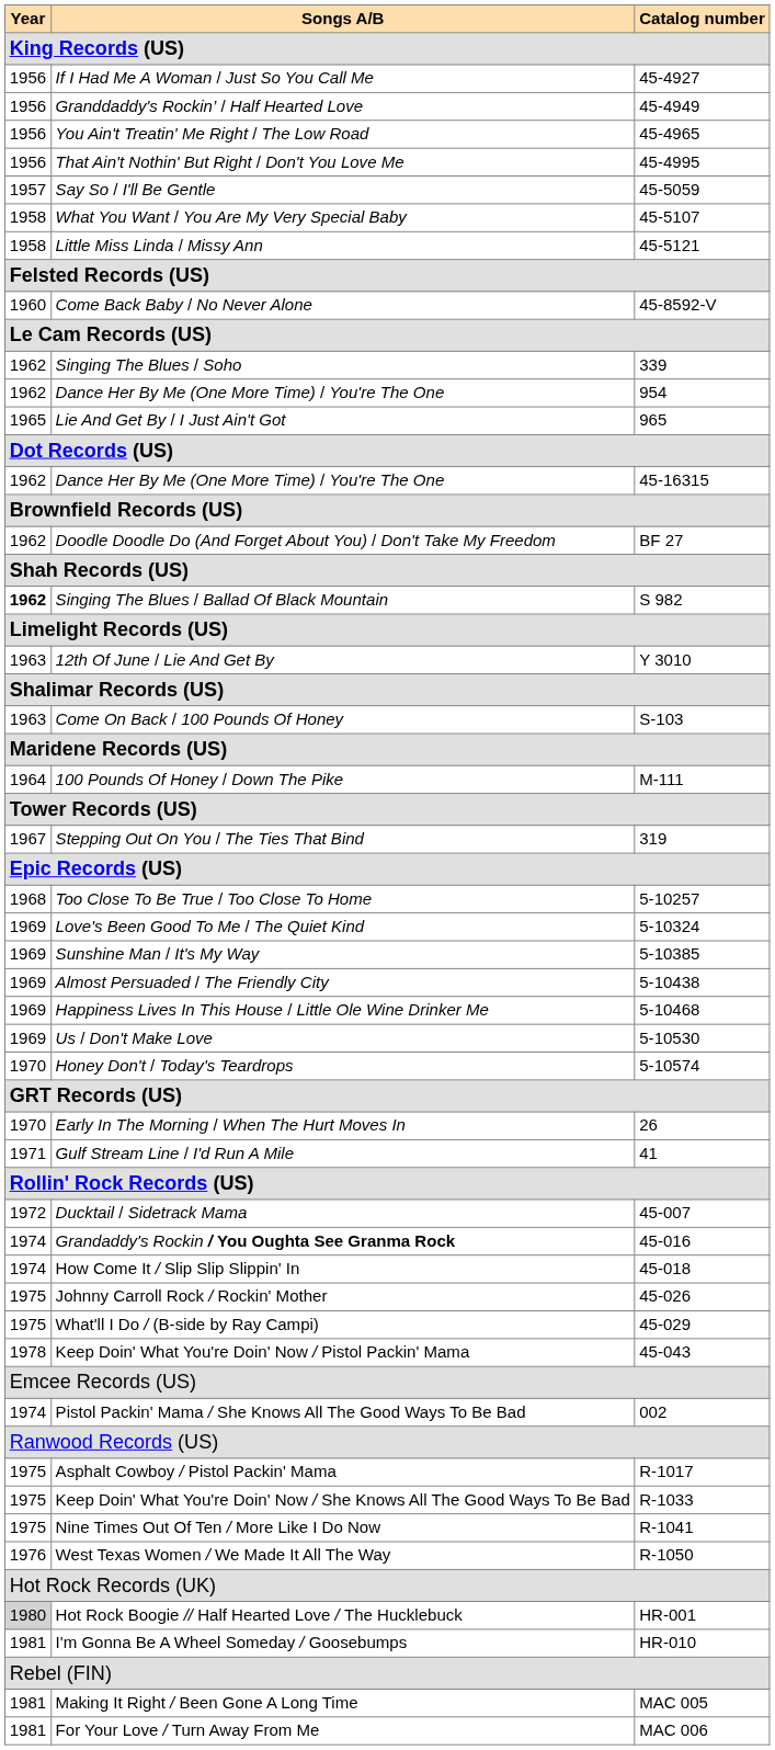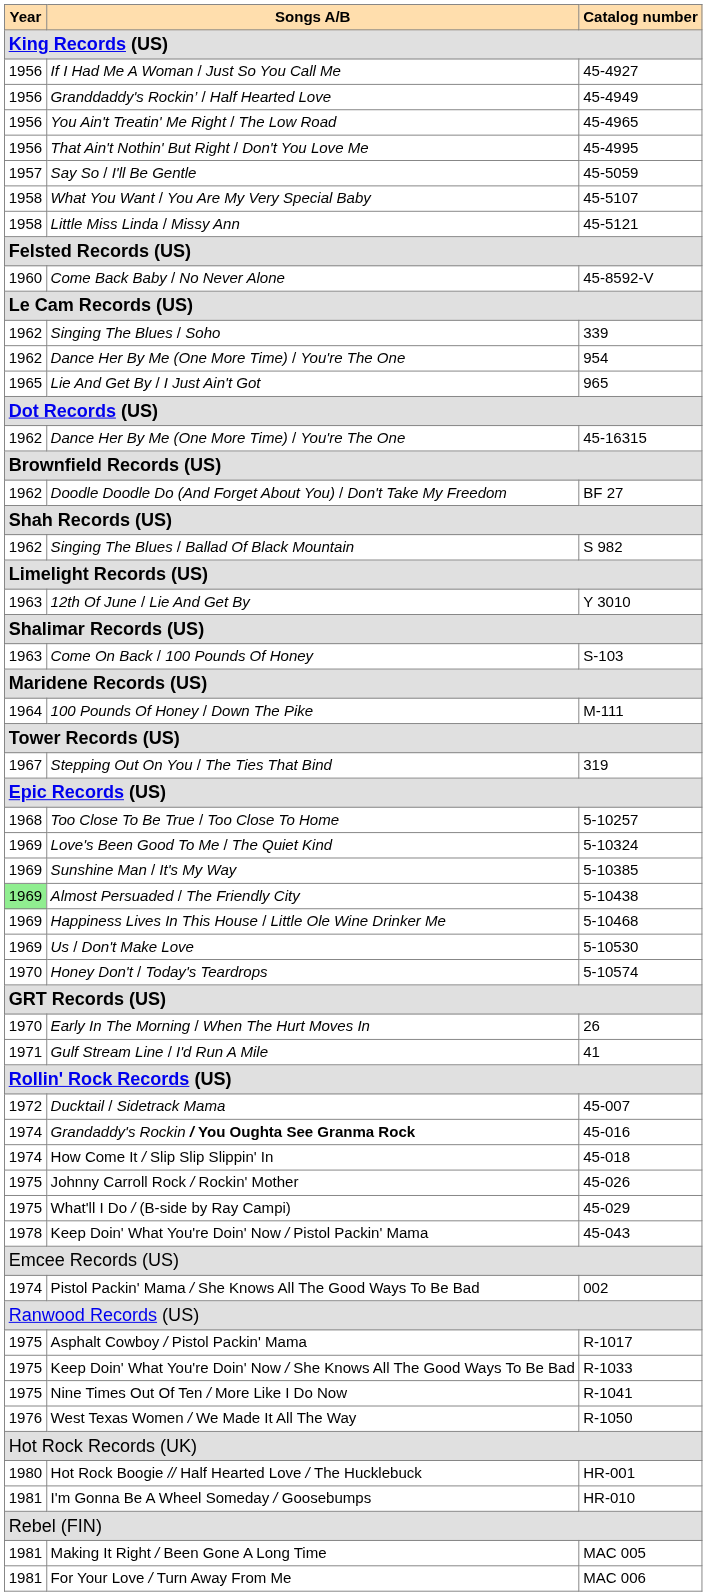 <table border="2" cellspacing="0" cellpadding="4" rules="all"  style="margin:1em 1em 1em 0; border-style:solid; border-width:1px; border-collapse:collapse; empty-cells:show;  ">
 <tr bgcolor='#FFDEAD'>
 <th>Year</th>
 <th>Songs A/B</th>
 <th>Catalog number</th>
 </tr>
 <tr --->
 <td bgcolor='#E0E0E0' colspan='4' align='left'><big><strong><a href='#'>King Records</a> (US)</strong></big></td>
 </tr>
 <tr --->
 <td>1956</td>
 <td><em>If I Had Me A Woman</em> / <em>Just So You Call Me</em></td>
 <td>45-4927</td>
 </tr>
 <tr --->
 <td>1956</td>
 <td><em>Granddaddy's Rockin’</em> / <em>Half Hearted Love</em></td>
 <td>45-4949</td>
 </tr>
 <tr --->
 <td>1956</td>
 <td><em>You Ain't Treatin' Me Right</em> / <em>The Low Road</em></td>
 <td>45-4965</td>
 </tr>
 <tr --->
 <td>1956</td>
 <td><em>That Ain't Nothin' But Right</em> / <em>Don't You Love Me</em></td>
 <td>45-4995</td>
 </tr>
 <tr --->
 <td>1957</td>
 <td><em>Say So</em> / <em>I'll Be Gentle</em></td>
 <td>45-5059</td>
 </tr>
 <tr --->
 <td>1958</td>
 <td><em>What You Want</em> / <em>You Are My Very Special Baby</em></td>
 <td>45-5107</td>
 </tr>
 <tr --->
 <td>1958</td>
 <td><em>Little Miss Linda</em> / <em>Missy Ann</em></td>
 <td>45-5121</td>
 </tr>
 <tr --->
 <td bgcolor='#E0E0E0' colspan='4' align='left'><big><strong>Felsted Records (US)</strong></big></td>
 </tr>
 <tr --->
 <td>1960</td>
 <td><em>Come Back Baby</em> / <em>No Never Alone</em></td>
 <td>45-8592-V</td>
 </tr>
 <tr --->
 <td bgcolor='#E0E0E0' colspan='4' align='left'><big><strong>Le Cam Records (US)</strong></big></td>
 </tr>
 <tr --->
 <td>1962</td>
 <td><em>Singing The Blues</em> / <em>Soho</em></td>
 <td>339</td>
 </tr>
 <tr --->
 <td>1962</td>
 <td><em>Dance Her By Me (One More Time)</em> / <em>You're The One</em></td>
 <td>954</td>
 </tr>
 <tr --->
 <td>1965</td>
 <td><em>Lie And Get By</em> / <em>I Just Ain't Got</em></td>
 <td>965</td>
 </tr>
 <tr --->
 <td bgcolor='#E0E0E0' colspan='4' align='left'><big><strong><a href='#'>Dot Records</a> (US)</strong></big></td>
 </tr>
 <tr --->
 <td>1962</td>
 <td><em>Dance Her By Me (One More Time)</em> / <em>You're The One</em></td>
 <td>45-16315</td>
 </tr>
 <tr --->
 <td bgcolor='#E0E0E0' colspan='4' align='left'><big><strong>Brownfield Records (US)</strong></big></td>
 </tr>
 <tr --->
 <td>1962</td>
 <td><em>Doodle Doodle Do (And Forget About You)</em> / <em>Don't Take My Freedom</em></td>
 <td>BF 27</td>
 </tr>
 <tr --->
 <td bgcolor='#E0E0E0' colspan='4' align='left'><big><strong>Shah Records (US)</strong></big></td>
 </tr>
 <tr --->
-<td><strong>1962</strong></td>
+<td>1962</td>
 <td><em>Singing The Blues</em> / <em>Ballad Of Black Mountain</em></td>
 <td>S 982</td>
 </tr>
 <tr --->
 <td bgcolor='#E0E0E0' colspan='4' align='left'><big><strong>Limelight Records (US)</strong></big></td>
 </tr>
 <tr --->
 <td>1963</td>
 <td><em>12th Of June</em> / <em>Lie And Get By</em></td>
 <td>Y 3010</td>
 </tr>
 <tr --->
 <td bgcolor='#E0E0E0' colspan='4' align='left'><big><strong>Shalimar Records (US)</strong></big></td>
 </tr>
 <tr --->
 <td>1963</td>
 <td><em>Come On Back</em> / <em>100 Pounds Of Honey</em></td>
 <td>S-103</td>
 </tr>
 <tr --->
 <td bgcolor='#E0E0E0' colspan='4' align='left'><big><strong>Maridene Records (US)</strong></big></td>
 </tr>
 <tr --->
 <td>1964</td>
 <td><em>100 Pounds Of Honey</em> / <em>Down The Pike</em></td>
 <td>M-111</td>
 </tr>
 <tr --->
 <td bgcolor='#E0E0E0' colspan='4' align='left'><big><strong>Tower Records (US)</strong></big></td>
 </tr>
 <tr --->
 <td>1967</td>
 <td><em>Stepping Out On You</em> / <em>The Ties That Bind</em></td>
 <td>319</td>
 </tr>
 <tr --->
 <td bgcolor='#E0E0E0' colspan='4' align='left'><big><strong><a href='#'>Epic Records</a> (US)</strong></big></td>
 </tr>
 <tr --->
 <td>1968</td>
 <td><em>Too Close To Be True</em> / <em>Too Close To Home</em></td>
 <td>5-10257</td>
 </tr>
 <tr --->
 <td>1969</td>
 <td><em>Love's Been Good To Me</em> / <em>The Quiet Kind</em></td>
 <td>5-10324</td>
 </tr>
 <tr --->
 <td>1969</td>
 <td><em>Sunshine Man</em> / <em>It's My Way</em></td>
 <td>5-10385</td>
 </tr>
 <tr --->
-<td>1969</td>
+<td style="background: lightgreen;">1969</td>
 <td><em>Almost Persuaded</em> / <em>The Friendly City</em></td>
 <td>5-10438</td>
 </tr>
 <tr --->
 <td>1969</td>
 <td><em>Happiness Lives In This House</em> / <em>Little Ole Wine Drinker Me</em></td>
 <td>5-10468</td>
 </tr>
 <tr --->
 <td>1969</td>
 <td><em>Us</em> / <em>Don't Make Love</em></td>
 <td>5-10530</td>
 </tr>
 <tr --->
 <td>1970</td>
 <td><em>Honey Don't</em> / <em>Today's Teardrops</em></td>
 <td>5-10574</td>
 </tr>
 <tr --->
 <td bgcolor='#E0E0E0' colspan='4' align='left'><big><strong>GRT Records (US)</strong></big></td>
 </tr>
 <tr --->
 <td>1970</td>
 <td><em>Early In The Morning</em> / <em>When The Hurt Moves In</em></td>
 <td>26</td>
 </tr>
 <tr --->
 <td>1971</td>
 <td><em>Gulf Stream Line</em> / <em>I'd Run A Mile</em></td>
 <td>41</td>
 </tr>
 <tr --->
 <td bgcolor='#E0E0E0' colspan='4' align='left'><big><strong><a href='#'>Rollin' Rock Records</a> (US)</strong></big></td>
 </tr>
 <tr --->
 <td>1972</td>
 <td><em>Ducktail</em> / <em>Sidetrack Mama</em></td>
 <td>45-007</td>
 </tr>
 <tr --->
 <td>1974</td>
 <td><em>Grandaddy's Rockin<strong> / </em>You Oughta See Granma Rock<em></td>
 <td>45-016</td>
 </tr>
 <tr --->
 <td>1974</td>
 <td></em>How Come It<em> / </em>Slip Slip Slippin' In<em></td>
 <td>45-018</td>
 </tr>
 <tr --->
 <td>1975</td>
 <td></em>Johnny Carroll Rock<em> / </em>Rockin' Mother<em></td>
 <td>45-026</td>
 </tr>
 <tr --->
 <td>1975</td>
 <td></em>What'll I Do<em> / </em>(B-side by Ray Campi)<em></td>
 <td>45-029</td>
 </tr>
 <tr --->
 <td>1978</td>
 <td></em>Keep Doin' What You're Doin' Now<em> / </em>Pistol Packin' Mama<em></td>
 <td>45-043</td>
 </tr>
 <tr --->
 <td bgcolor='#E0E0E0' colspan='4' align='left'><big></strong>Emcee Records (US)<strong></big></td>
 </tr>
 <tr --->
 <td>1974</td>
 <td></em>Pistol Packin' Mama<em> / </em>She Knows All The Good Ways To Be Bad<em></td>
 <td>002</td>
 </tr>
 <tr --->
 <td bgcolor='#E0E0E0' colspan='4' align='left'><big></strong><a href='#'>Ranwood Records</a> (US)<strong></big></td>
 </tr>
 <tr --->
 <td>1975</td>
 <td></em>Asphalt Cowboy<em> / </em>Pistol Packin' Mama<em></td>
 <td>R-1017</td>
 </tr>
 <tr --->
 <td>1975</td>
 <td></em>Keep Doin' What You're Doin' Now<em> / </em>She Knows All The Good Ways To Be Bad<em></td>
 <td>R-1033</td>
 </tr>
 <tr --->
 <td>1975</td>
 <td></em>Nine Times Out Of Ten<em> / </em>More Like I Do Now<em></td>
 <td>R-1041</td>
 </tr>
 <tr --->
 <td>1976</td>
 <td></em>West Texas Women<em> / </em>We Made It All The Way<em></td>
 <td>R-1050</td>
 </tr>
 <tr --->
 <td bgcolor='#E0E0E0' colspan='4' align='left'><big></strong>Hot Rock Records (UK)<strong></big></td>
 </tr>
 <tr --->
-<td style="background: lightgrey;">1980</td>
+<td>1980</td>
 <td></em>Hot Rock Boogie<em> // </em>Half Hearted Love<em> / </em>The Hucklebuck<em></td>
 <td>HR-001</td>
 </tr>
 <tr --->
 <td>1981</td>
 <td></em>I'm Gonna Be A Wheel Someday<em> / </em>Goosebumps<em></td>
 <td>HR-010</td>
 </tr>
 <tr --->
 <td bgcolor='#E0E0E0' colspan='4' align='left'><big></strong>Rebel (FIN)<strong></big></td>
 </tr>
 <tr --->
 <td>1981</td>
 <td></em>Making It Right<em> / </em>Been Gone A Long Time<em></td>
 <td>MAC 005</td>
 </tr>
 <tr --->
 <td>1981</td>
 <td></em>For Your Love<em> / </em>Turn Away From Me<em></td>
 <td>MAC 006</td>
 </tr>
 </table>
